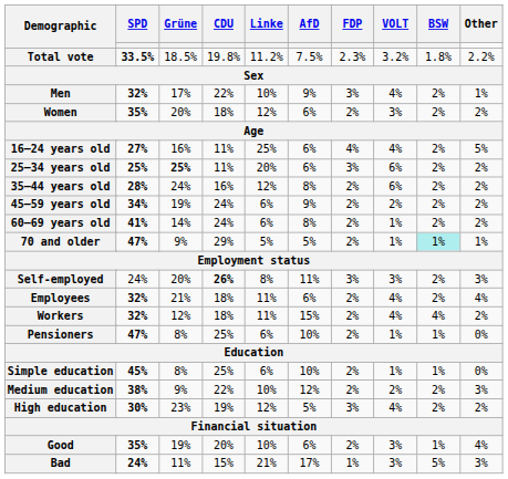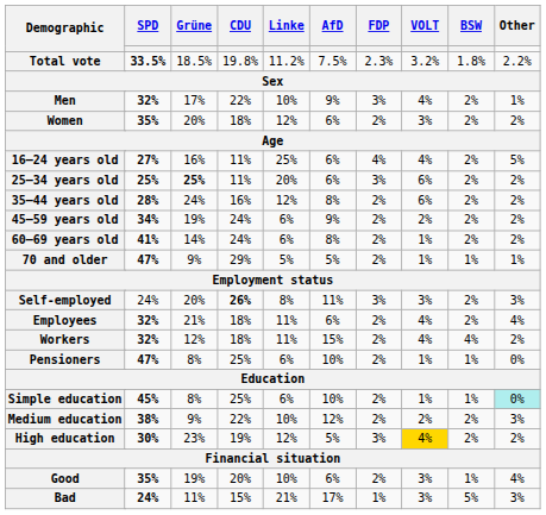 <table class="wikitable sortable" style="text-align:center; font-size:90%; line-height:14px">
 <tr style="height:40px;">
 <th rowspan="2" colspan="2">Demographic</th>
 <th class="unsortable" style="width:40px;"><a href='#'>SPD</a></th>
 <th class="unsortable" style="width:40px;"><a href='#'>Grüne</a></th>
 <th class="unsortable" style="width:40px;"><a href='#'>CDU</a></th>
 <th class="unsortable" style="width:40px;"><a href='#'>Linke</a></th>
 <th class="unsortable" style="width:40px;"><a href='#'>AfD</a></th>
 <th class="unsortable" style="width:40px;"><a href='#'>FDP</a></th>
 <th class="unsortable" style="width:40px;"><a href='#'>VOLT</a></th>
 <th class="unsortable" style="width:40px;"><a href='#'>BSW</a></th>
 <th class="unsortable" style="width:40px;">Other</th>
 </tr>
 <tr>
 <th data-sort-type="number" style="background:"></th>
 <th data-sort-type="number" style="background:"></th>
 <th data-sort-type="number" style="background:"></th>
 <th data-sort-type="number" style="background:"></th>
 <th data-sort-type="number" style="background:"></th>
 <th data-sort-type="number" style="background:"></th>
 <th data-sort-type="number" style="background:"></th>
 <th data-sort-type="number" style="background:"></th>
 </tr>
 <tr>
 <th colspan="2">Total vote</th>
 <td style="background-color:#"><strong>33.5%</strong></td>
 <td>18.5%</td>
 <td>19.8%</td>
 <td>11.2%</td>
 <td>7.5%</td>
 <td>2.3%</td>
 <td>3.2%</td>
 <td>1.8%</td>
 <td>2.2%</td>
 </tr>
 <tr>
 <th colspan="13">Sex</th>
 </tr>
 <tr>
 <th colspan="2">Men</th>
 <td style="background-color:#"><strong>32%</strong></td>
 <td>17%</td>
 <td>22%</td>
 <td>10%</td>
 <td>9%</td>
 <td>3%</td>
 <td>4%</td>
 <td>2%</td>
 <td>1%</td>
 </tr>
 <tr>
 <th colspan="2">Women</th>
 <td style="background-color:#"><strong>35%</strong></td>
 <td>20%</td>
 <td>18%</td>
 <td>12%</td>
 <td>6%</td>
 <td>2%</td>
 <td>3%</td>
 <td>2%</td>
 <td>2%</td>
 </tr>
 <tr>
 <th colspan="13">Age</th>
 </tr>
 <tr>
 <th colspan="2">16–24 years old</th>
 <td style="background-color:#"><strong>27%</strong></td>
 <td>16%</td>
 <td>11%</td>
 <td>25%</td>
 <td>6%</td>
 <td>4%</td>
 <td>4%</td>
 <td>2%</td>
 <td>5%</td>
 </tr>
 <tr>
 <th colspan="2">25–34 years old</th>
 <td style="background-color:#"><strong>25%</strong></td>
 <td style="background-color:#"><strong>25%</strong></td>
 <td>11%</td>
 <td>20%</td>
 <td>6%</td>
 <td>3%</td>
 <td>6%</td>
 <td>2%</td>
 <td>2%</td>
 </tr>
 <tr>
 <th colspan="2">35–44 years old</th>
 <td style="background-color:#"><strong>28%</strong></td>
 <td>24%</td>
 <td>16%</td>
 <td>12%</td>
 <td>8%</td>
 <td>2%</td>
 <td>6%</td>
 <td>2%</td>
 <td>2%</td>
 </tr>
 <tr>
 <th colspan="2">45–59 years old</th>
 <td style="background-color:#"><strong>34%</strong></td>
 <td>19%</td>
 <td>24%</td>
 <td>6%</td>
 <td>9%</td>
 <td>2%</td>
 <td>2%</td>
 <td>2%</td>
 <td>2%</td>
 </tr>
 <tr>
 <th colspan="2">60–69 years old</th>
 <td style="background-color:#"><strong>41%</strong></td>
 <td>14%</td>
 <td>24%</td>
 <td>6%</td>
 <td>8%</td>
 <td>2%</td>
 <td>1%</td>
 <td>2%</td>
 <td>2%</td>
 </tr>
 <tr>
 <th colspan="2">70 and older</th>
 <td style="background-color:#"><strong>47%</strong></td>
 <td>9%</td>
 <td>29%</td>
 <td>5%</td>
 <td>5%</td>
 <td>2%</td>
 <td>1%</td>
-<td style="background: paleturquoise;">1%</td>
+<td>1%</td>
 <td>1%</td>
 </tr>
 <tr>
 <th colspan="13">Employment status</th>
 </tr>
 <tr>
 <th colspan="2">Self-employed</th>
 <td>24%</td>
 <td>20%</td>
 <td style="background-color:#"><strong>26%</strong></td>
 <td>8%</td>
 <td>11%</td>
 <td>3%</td>
 <td>3%</td>
 <td>2%</td>
 <td>3%</td>
 </tr>
 <tr>
 <th colspan="2">Employees</th>
 <td style="background-color:#"><strong>32%</strong></td>
 <td>21%</td>
 <td>18%</td>
 <td>11%</td>
 <td>6%</td>
 <td>2%</td>
 <td>4%</td>
 <td>2%</td>
 <td>4%</td>
 </tr>
 <tr>
 <th colspan="2">Workers</th>
 <td style="background-color:#"><strong>32%</strong></td>
 <td>12%</td>
 <td>18%</td>
 <td>11%</td>
 <td>15%</td>
 <td>2%</td>
 <td>4%</td>
 <td>4%</td>
 <td>2%</td>
 </tr>
 <tr>
 <th colspan="2">Pensioners</th>
 <td style="background-color:#"><strong>47%</strong></td>
 <td>8%</td>
 <td>25%</td>
 <td>6%</td>
 <td>10%</td>
 <td>2%</td>
 <td>1%</td>
 <td>1%</td>
 <td>0%</td>
 </tr>
 <tr>
 <th colspan="13">Education</th>
 </tr>
 <tr>
 <th colspan="2">Simple education</th>
 <td style="background-color:#"><strong>45%</strong></td>
 <td>8%</td>
 <td>25%</td>
 <td>6%</td>
 <td>10%</td>
 <td>2%</td>
 <td>1%</td>
 <td>1%</td>
-<td>0%</td>
+<td style="background: paleturquoise;">0%</td>
 </tr>
 <tr>
 <th colspan="2">Medium education</th>
 <td style="background-color:#"><strong>38%</strong></td>
 <td>9%</td>
 <td>22%</td>
 <td>10%</td>
 <td>12%</td>
 <td>2%</td>
 <td>2%</td>
 <td>2%</td>
 <td>3%</td>
 </tr>
 <tr>
 <th colspan="2">High education</th>
 <td style="background-color:#"><strong>30%</strong></td>
 <td>23%</td>
 <td>19%</td>
 <td>12%</td>
 <td>5%</td>
 <td>3%</td>
-<td>4%</td>
+<td style="background: gold;">4%</td>
 <td>2%</td>
 <td>2%</td>
 </tr>
 <tr>
 <th colspan="13">Financial situation</th>
 </tr>
 <tr>
 <th colspan="2">Good</th>
 <td style="background-color:#"><strong>35%</strong></td>
 <td>19%</td>
 <td>20%</td>
 <td>10%</td>
 <td>6%</td>
 <td>2%</td>
 <td>3%</td>
 <td>1%</td>
 <td>4%</td>
 </tr>
 <tr>
 <th colspan="2">Bad</th>
 <td style="background-color:#"><strong>24%</strong></td>
 <td>11%</td>
 <td>15%</td>
 <td>21%</td>
 <td>17%</td>
 <td>1%</td>
 <td>3%</td>
 <td>5%</td>
 <td>3%</td>
 </tr>
 </table>
